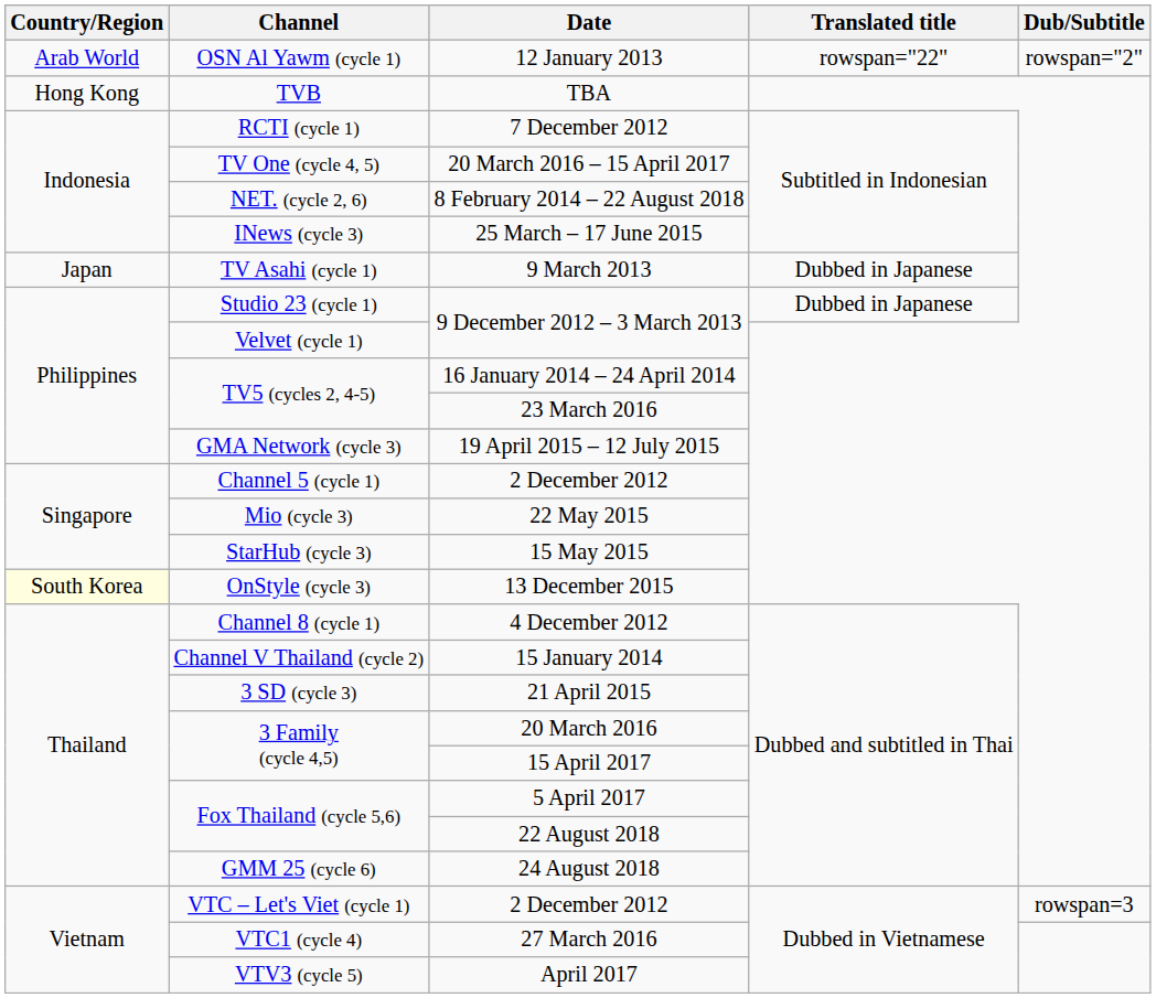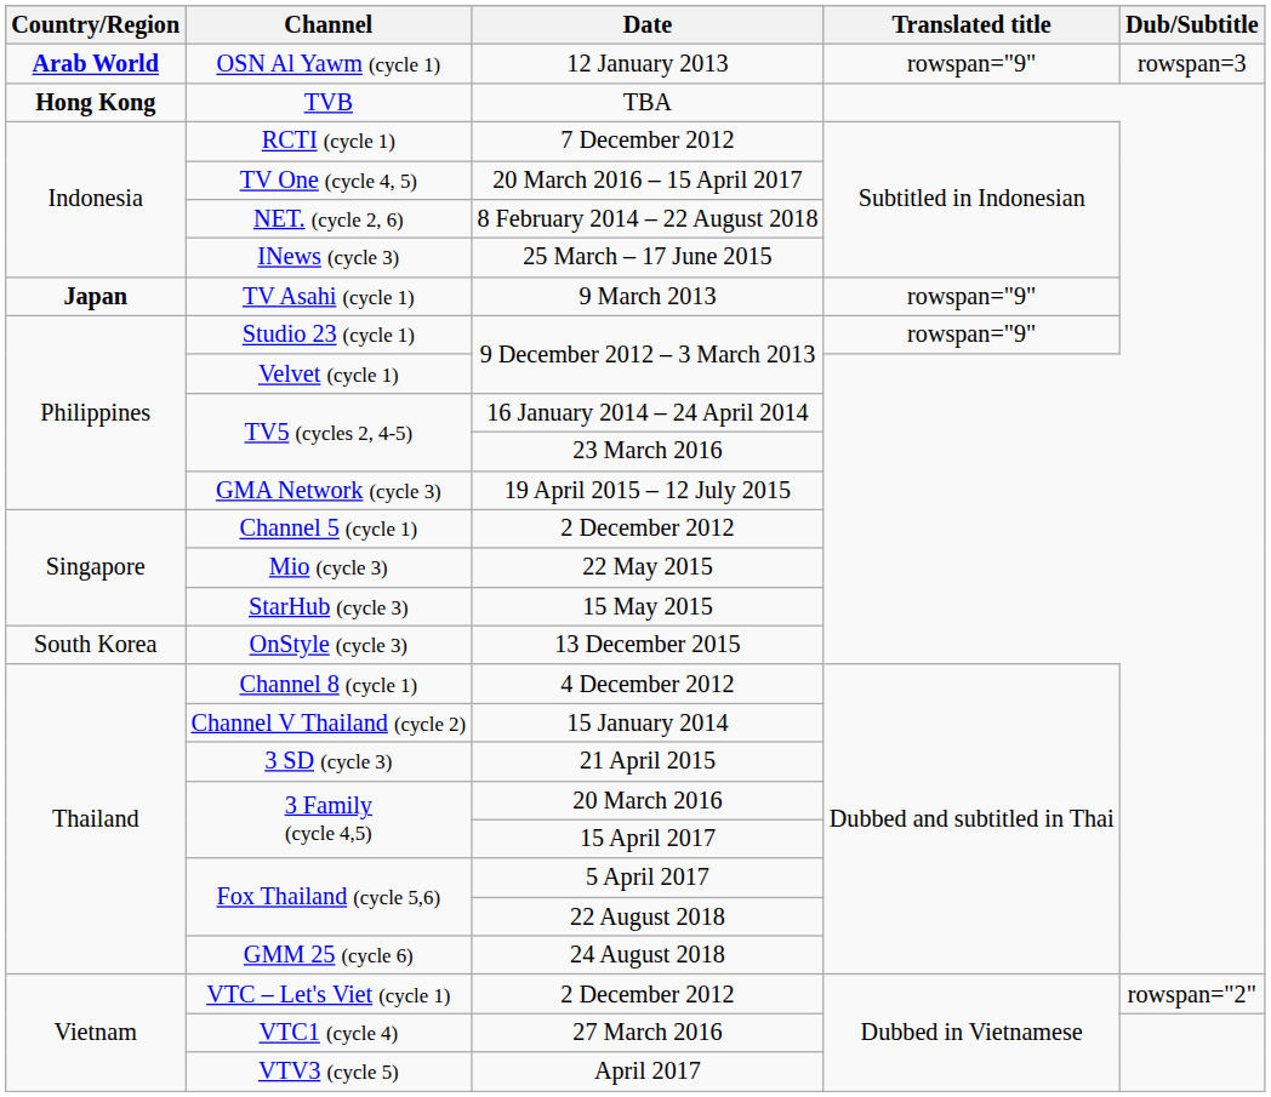 <table class="wikitable" style="text-align:center;">
 <tr style="background:#B0C4DE;">
 <th>Country/Region</th>
 <th>Channel</th>
 <th>Date</th>
 <th>Translated title</th>
 <th>Dub/Subtitle</th>
 </tr>
 <tr>
-<td><a href='#'>Arab World</a></td>
+<td><strong><a href='#'>Arab World</a></strong></td>
 <td><a href='#'>OSN Al Yawm</a> <small>(cycle 1)</small></td>
 <td>12 January 2013</td>
-<td>rowspan="22" </td>
-<td>rowspan="2" </td>
+<td>rowspan="9" </td>
+<td>rowspan=3 </td>
 </tr>
 <tr>
-<td>Hong Kong</td>
+<td><strong>Hong Kong</strong></td>
 <td><a href='#'>TVB</a></td>
 <td>TBA</td>
 </tr>
 <tr>
 <td rowspan=4>Indonesia</td>
 <td><a href='#'>RCTI</a> <small>(cycle 1)</small></td>
 <td>7 December 2012</td>
 <td rowspan=4>Subtitled in Indonesian</td>
 </tr>
 <tr>
 <td><a href='#'>TV One</a> <small>(cycle 4, 5)</small></td>
 <td>20 March 2016 – 15 April 2017</td>
 </tr>
 <tr>
 <td><a href='#'>NET.</a> <small>(cycle 2, 6)</small></td>
 <td>8 February 2014 – 22 August 2018</td>
 </tr>
 <tr>
 <td><a href='#'>INews</a> <small>(cycle 3)</small></td>
 <td>25 March – 17 June 2015</td>
 </tr>
 <tr>
-<td>Japan</td>
+<td><strong>Japan</strong></td>
 <td><a href='#'>TV Asahi</a> <small>(cycle 1)</small></td>
 <td>9 March 2013</td>
-<td>Dubbed in Japanese</td>
+<td>rowspan="9" </td>
 </tr>
 <tr>
 <td rowspan= 5>Philippines</td>
 <td><a href='#'>Studio 23</a> <small>(cycle 1)</small></td>
 <td rowspan=2>9 December 2012 – 3 March 2013</td>
-<td>Dubbed in Japanese</td>
+<td>rowspan="9" </td>
 </tr>
 <tr>
 <td><a href='#'>Velvet</a> <small>(cycle 1)</small></td>
 </tr>
 <tr>
 <td rowspan="2"><a href='#'>TV5</a> <small>(cycles 2, 4-5</small><small>)</small></td>
 <td>16 January 2014 – 24 April 2014</td>
 </tr>
 <tr>
 <td>23 March 2016</td>
 </tr>
 <tr>
 <td><a href='#'>GMA Network</a> <small>(cycle 3)</small></td>
 <td>19 April 2015 – 12 July 2015</td>
 </tr>
 <tr>
 <td rowspan=3>Singapore</td>
 <td><a href='#'>Channel 5</a> <small>(cycle 1)</small></td>
 <td>2 December 2012</td>
 </tr>
 <tr>
 <td><a href='#'>Mio</a> <small>(cycle 3)</small></td>
 <td>22 May 2015</td>
 </tr>
 <tr>
 <td><a href='#'>StarHub</a> <small>(cycle 3)</small></td>
 <td>15 May 2015</td>
 </tr>
 <tr>
-<td style="background: lightyellow;">South Korea</td>
+<td>South Korea</td>
 <td><a href='#'>OnStyle</a> <small>(cycle 3)</small></td>
 <td>13 December 2015</td>
 </tr>
 <tr>
 <td rowspan="8">Thailand</td>
 <td><a href='#'>Channel 8</a> <small>(cycle 1)</small></td>
 <td>4 December 2012<br></td>
 <td rowspan="8">Dubbed and subtitled in Thai</td>
 </tr>
 <tr>
 <td><a href='#'>Channel V Thailand</a> <small>(cycle 2)</small></td>
 <td>15 January 2014<br></td>
 </tr>
 <tr>
 <td><a href='#'>3 SD</a> <small>(cycle 3)</small></td>
 <td>21 April 2015<br></td>
 </tr>
 <tr>
 <td rowspan="2"><a href='#'>3 Family</a> <br><small>(cycle 4,5)</small></td>
 <td>20 March 2016</td>
 </tr>
 <tr>
 <td>15 April 2017</td>
 </tr>
 <tr>
 <td rowspan="2"><a href='#'>Fox Thailand</a> <small>(cycle 5,6)</small></td>
 <td>5 April 2017</td>
 </tr>
 <tr>
 <td>22 August 2018</td>
 </tr>
 <tr>
 <td><a href='#'>GMM 25</a> <small>(cycle 6)</small></td>
 <td>24 August 2018</td>
 </tr>
 <tr>
 <td rowspan=3>Vietnam</td>
 <td><a href='#'>VTC – Let's Viet</a> <small>(cycle 1)</small></td>
 <td>2 December 2012</td>
 <td rowspan=3>Dubbed in Vietnamese</td>
-<td>rowspan=3 </td>
+<td>rowspan="2" </td>
 </tr>
 <tr>
 <td><a href='#'>VTC1</a> <small>(cycle 4)</small></td>
 <td>27 March 2016</td>
 </tr>
 <tr>
 <td><a href='#'>VTV3</a> <small>(cycle 5)</small></td>
 <td>April 2017</td>
 </tr>
 </table>
